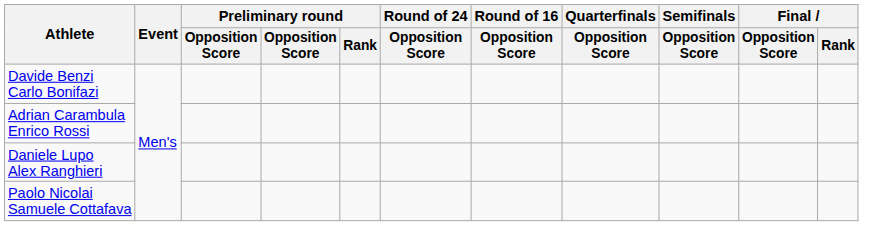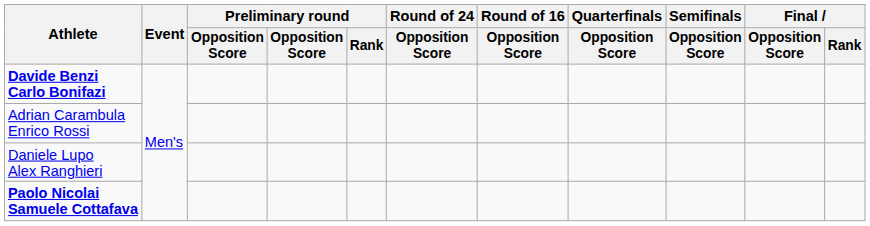 <table class=wikitable style=font-size:90%;text-align:center>
 <tr>
 <th rowspan=2>Athlete</th>
 <th rowspan=2>Event</th>
 <th colspan=3>Preliminary round</th>
 <th>Round of 24</th>
 <th>Round of 16</th>
 <th>Quarterfinals</th>
 <th>Semifinals</th>
 <th colspan=2>Final / </th>
 </tr>
 <tr style=font-size:95%>
 <th>Opposition<br>Score</th>
 <th>Opposition<br>Score</th>
 <th>Rank</th>
 <th>Opposition<br>Score</th>
 <th>Opposition<br>Score</th>
 <th>Opposition<br>Score</th>
 <th>Opposition<br>Score</th>
 <th>Opposition<br>Score</th>
 <th>Rank</th>
 </tr>
 <tr>
-<td align=left><a href='#'>Davide Benzi</a><br><a href='#'>Carlo Bonifazi</a></td>
+<td align=left><strong><a href='#'>Davide Benzi</a><br><a href='#'>Carlo Bonifazi</a></strong></td>
 <td align=left rowspan=4><a href='#'>Men's</a></td>
 <td></td>
 <td></td>
 <td></td>
 <td></td>
 <td></td>
 <td></td>
 <td></td>
 <td></td>
 <td></td>
 </tr>
 <tr>
 <td align=left><a href='#'>Adrian Carambula</a><br><a href='#'>Enrico Rossi</a></td>
 <td></td>
 <td></td>
 <td></td>
 <td></td>
 <td></td>
 <td></td>
 <td></td>
 <td></td>
 <td></td>
 </tr>
 <tr>
 <td align=left><a href='#'>Daniele Lupo</a><br><a href='#'>Alex Ranghieri</a></td>
 <td></td>
 <td></td>
 <td></td>
 <td></td>
 <td></td>
 <td></td>
 <td></td>
 <td></td>
 <td></td>
 </tr>
 <tr>
-<td align=left><a href='#'>Paolo Nicolai</a><br><a href='#'>Samuele Cottafava</a></td>
+<td align=left><strong><a href='#'>Paolo Nicolai</a><br><a href='#'>Samuele Cottafava</a></strong></td>
 <td></td>
 <td></td>
 <td></td>
 <td></td>
 <td></td>
 <td></td>
 <td></td>
 <td></td>
 <td></td>
 </tr>
 </table>
